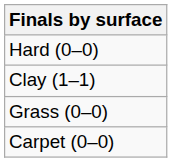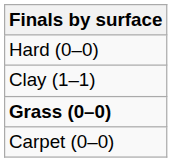 <table class=wikitable style=font-size:97%>
 <tr>
 <th>Finals by surface</th>
 </tr>
 <tr>
 <td>Hard (0–0)</td>
 </tr>
 <tr>
 <td>Clay (1–1)</td>
 </tr>
 <tr>
-<td>Grass (0–0)</td>
+<td><strong>Grass (0–0)</strong></td>
 </tr>
 <tr>
 <td>Carpet (0–0)</td>
 </tr>
 </table>
